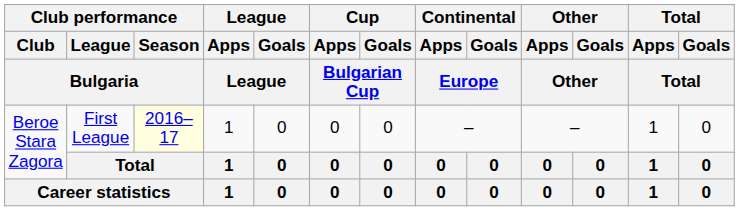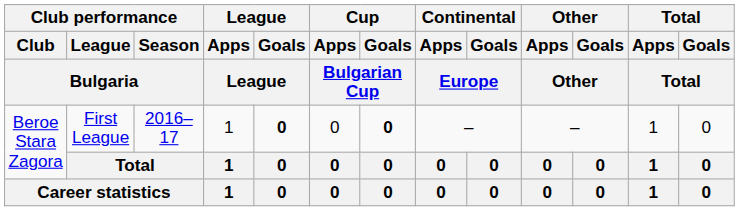 <table class="wikitable" style="text-align: center">
 <tr>
 <th Colspan="3">Club performance</th>
 <th Colspan="2">League</th>
 <th Colspan="2">Cup</th>
 <th Colspan="2">Continental</th>
 <th Colspan="2">Other</th>
 <th Colspan="3">Total</th>
 </tr>
 <tr>
 <th>Club</th>
 <th>League</th>
 <th>Season</th>
 <th>Apps</th>
 <th>Goals</th>
 <th>Apps</th>
 <th>Goals</th>
 <th>Apps</th>
 <th>Goals</th>
 <th>Apps</th>
 <th>Goals</th>
 <th>Apps</th>
 <th>Goals</th>
 </tr>
 <tr>
 <th Colspan="3">Bulgaria</th>
 <th Colspan="2">League</th>
 <th Colspan="2"><a href='#'>Bulgarian Cup</a></th>
 <th Colspan="2"><a href='#'>Europe</a></th>
 <th Colspan="2">Other</th>
 <th Colspan="2">Total</th>
 </tr>
 <tr>
 <td rowspan="2" valign="center"><a href='#'>Beroe Stara Zagora</a></td>
 <td rowspan="1"><a href='#'>First League</a></td>
-<td style="background: lightyellow;"><a href='#'>2016–17</a></td>
+<td><a href='#'>2016–17</a></td>
 <td>1</td>
+<td><strong>0</strong></td>
 <td>0</td>
-<td>0</td>
-<td>0</td>
+<td><strong>0</strong></td>
 <td colspan="2">–</td>
 <td colspan="2">–</td>
 <td>1</td>
 <td>0</td>
 </tr>
 <tr>
 <th colspan=2>Total</th>
 <th>1</th>
 <th>0</th>
 <th>0</th>
 <th>0</th>
 <th>0</th>
 <th>0</th>
 <th>0</th>
 <th>0</th>
 <th>1</th>
 <th>0</th>
 </tr>
 <tr>
 <th colspan="3">Career statistics</th>
 <th>1</th>
 <th>0</th>
 <th>0</th>
 <th>0</th>
 <th>0</th>
 <th>0</th>
 <th>0</th>
 <th>0</th>
 <th>1</th>
 <th>0</th>
 </tr>
 </table>
